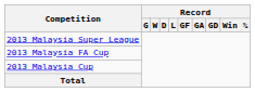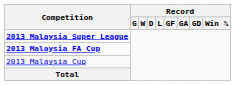 <table class="wikitable" style="text-align: center">
 <tr>
 <th rowspan=2>Competition</th>
 <th colspan=9>Record</th>
 </tr>
 <tr>
 <th>G</th>
 <th>W</th>
 <th>D</th>
 <th>L</th>
 <th>GF</th>
 <th>GA</th>
 <th>GD</th>
 <th>Win %</th>
 </tr>
 <tr>
-<td style="text-align: left"><a href='#'>2013 Malaysia Super League</a><br></td>
+<td style="text-align: left"><strong><a href='#'>2013 Malaysia Super League</a><br></strong></td>
 </tr>
 <tr>
-<td style="text-align: left"><a href='#'>2013 Malaysia FA Cup</a><br></td>
+<td style="text-align: left"><strong><a href='#'>2013 Malaysia FA Cup</a><br></strong></td>
 </tr>
 <tr>
 <td style="text-align: left"><a href='#'>2013 Malaysia Cup</a><br></td>
 </tr>
 <tr>
 <th>Total<br></th>
 </tr>
 </table>
